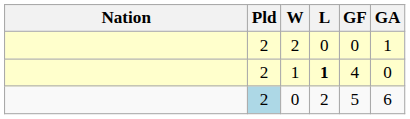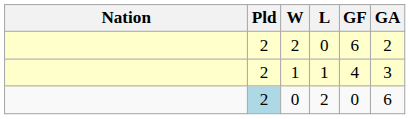 <table class=wikitable style="text-align:center">
 <tr>
 <th width=220]]>Nation</th>
 <th width=20]]>Pld</th>
 <th width=20>W</th>
 <th width=20]]>L</th>
 <th width=20]]>GF</th>
 <th width=20]]>GA</th>
 </tr>
 <tr bgcolor=#ffffcc>
 <td align=left></td>
 <td>2</td>
 <td>2</td>
 <td>0</td>
-<td>0</td>
-<td>1</td>
+<td>6</td>
+<td>2</td>
 </tr>
 <tr bgcolor=#ffffcc>
 <td align=left></td>
 <td>2</td>
 <td>1</td>
-<td><strong>1</strong></td>
+<td>1</td>
 <td>4</td>
-<td>0</td>
+<td>3</td>
 </tr>
 <tr>
 <td align=left></td>
 <td style="background: lightblue;">2</td>
 <td>0</td>
 <td>2</td>
-<td>5</td>
+<td>0</td>
 <td>6</td>
 </tr>
 </table>
